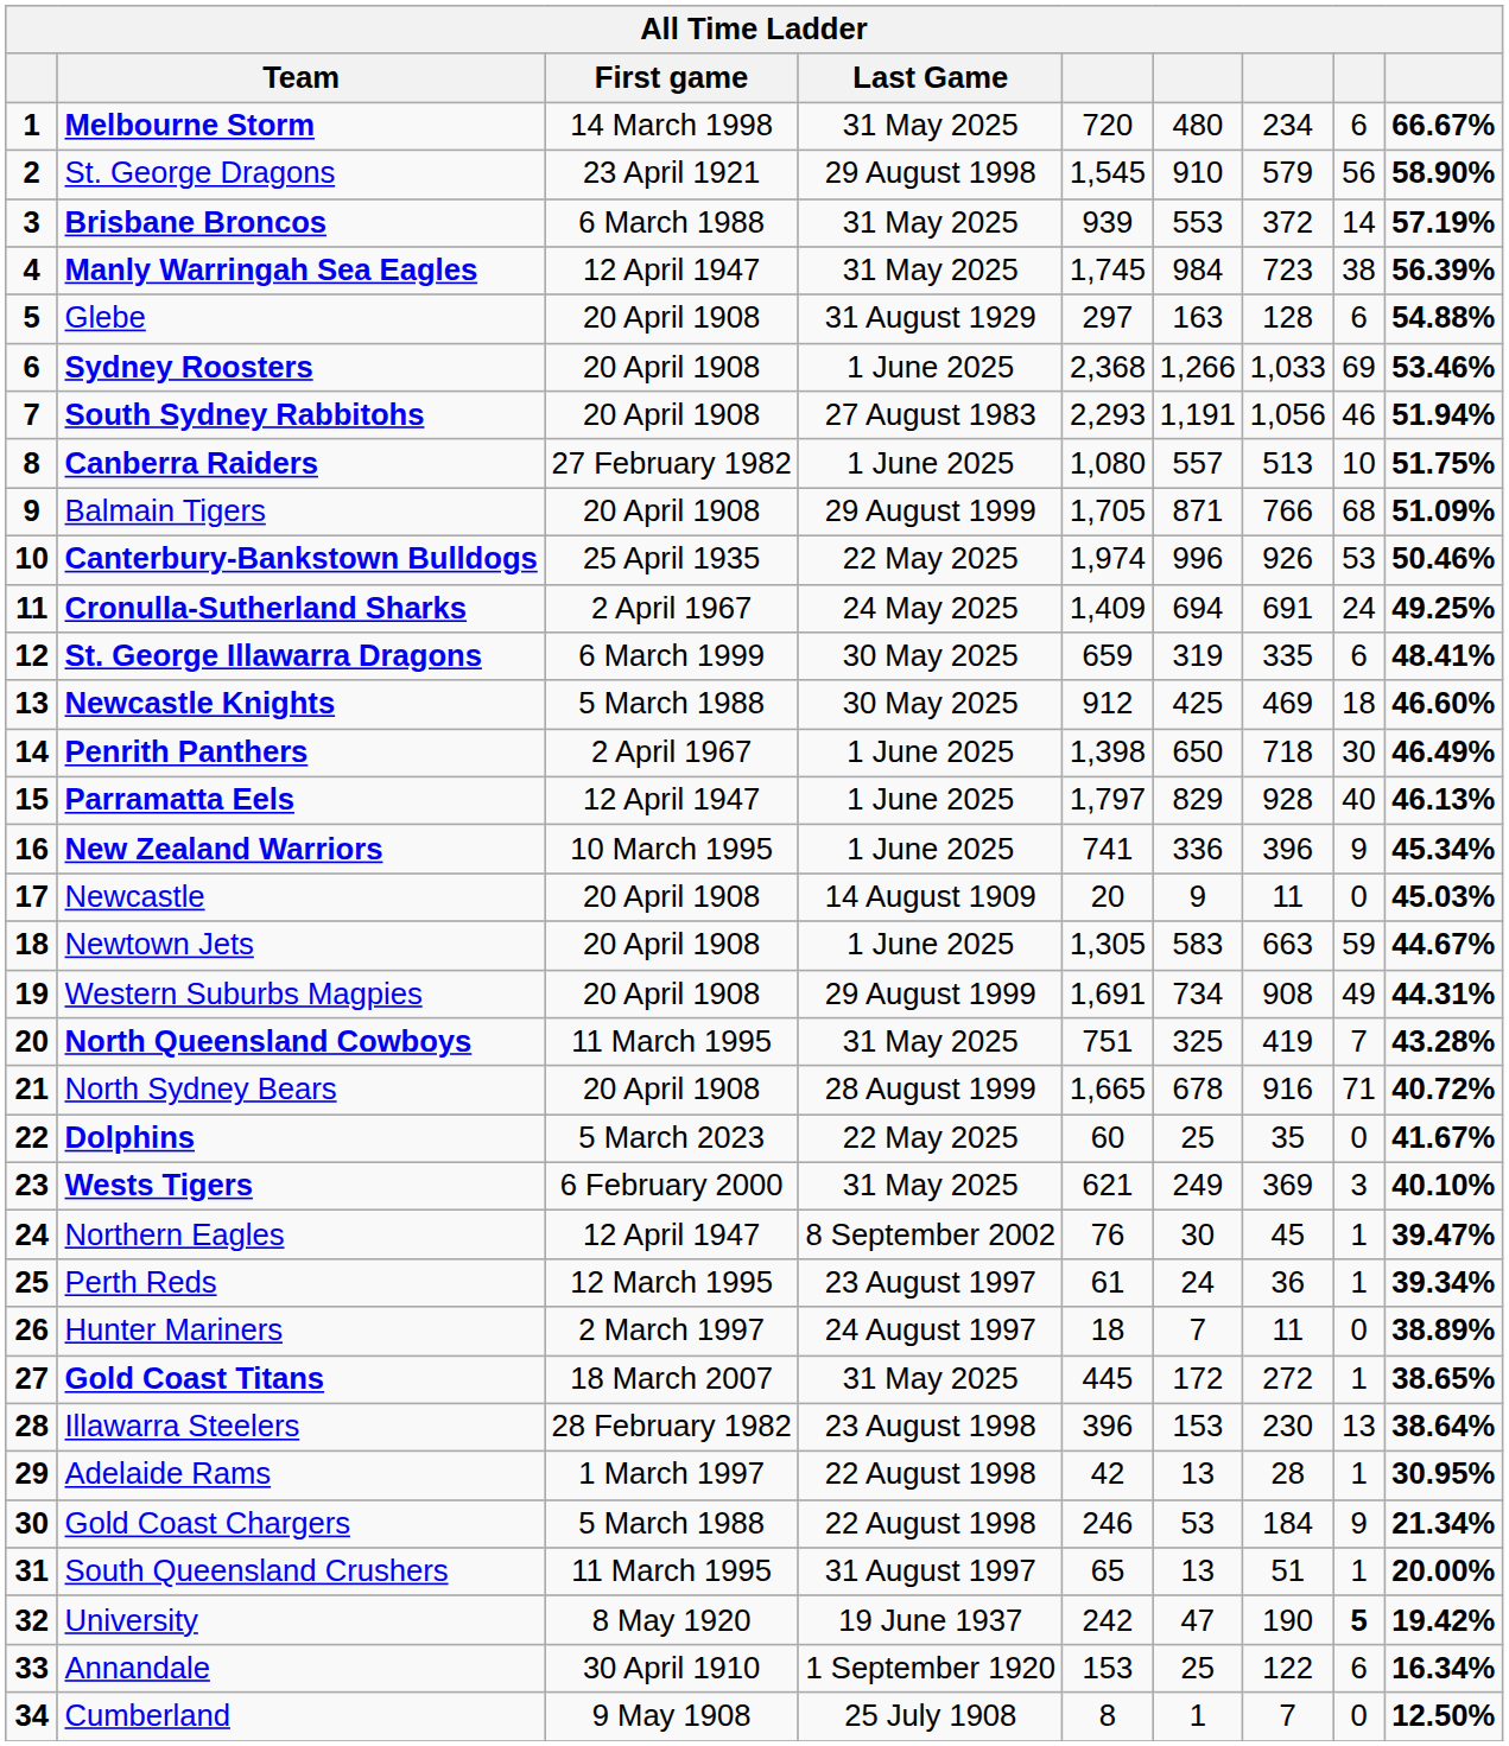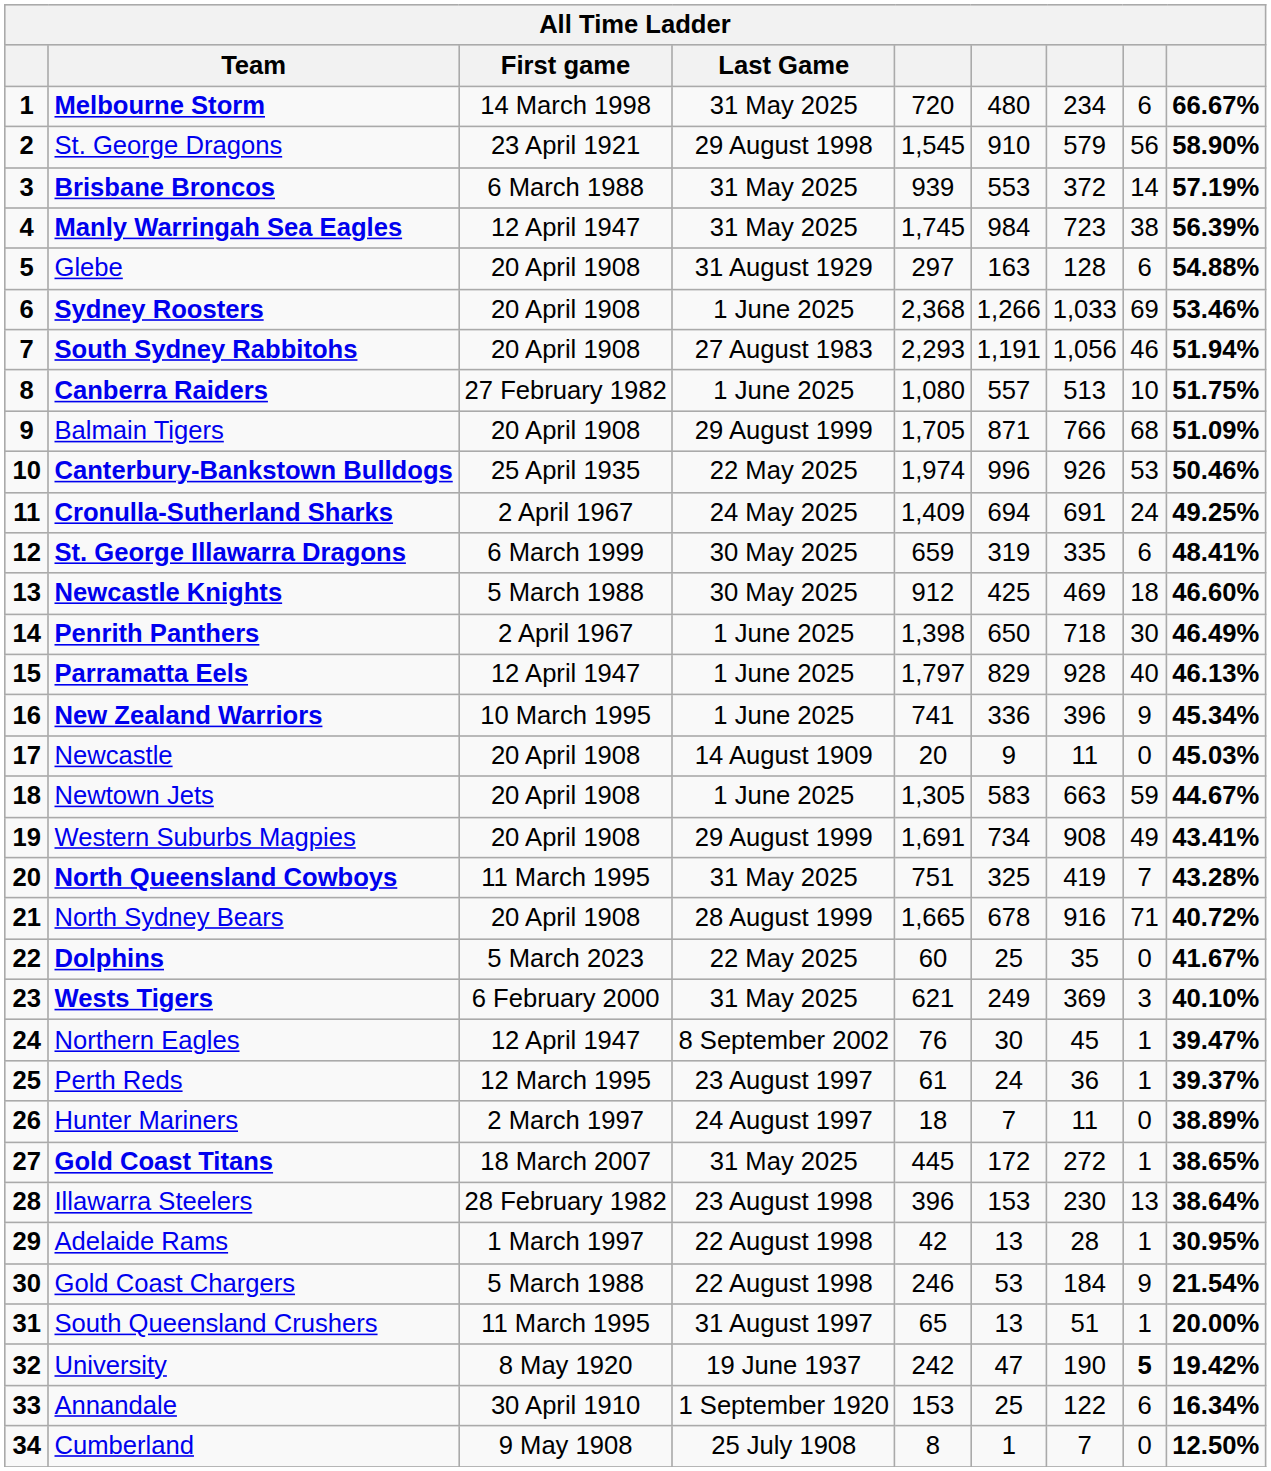 <table class="wikitable sortable" style="text-align:center;">
 <tr>
 <th colspan="9">All Time Ladder</th>
 </tr>
 <tr>
 <th width="20"></th>
 <th>Team</th>
 <th>First game</th>
 <th>Last Game</th>
 <th width="20"></th>
 <th width="20"></th>
 <th width="20"></th>
 <th width="20"></th>
 <th width="20"></th>
 </tr>
 <tr style="background:">
 <td><strong>1</strong></td>
 <td style="text-align:left;"> <strong><a href='#'>Melbourne Storm</a></strong></td>
 <td>14 March 1998</td>
 <td>31 May 2025</td>
 <td>720</td>
 <td>480</td>
 <td>234</td>
 <td>6</td>
 <td><strong>66.67%</strong></td>
 </tr>
 <tr style="background:">
 <td><strong>2</strong></td>
 <td style="text-align:left;"> <a href='#'>St. George Dragons</a></td>
 <td>23 April 1921</td>
 <td>29 August 1998</td>
 <td>1,545</td>
 <td>910</td>
 <td>579</td>
 <td>56</td>
 <td><strong>58.90%</strong></td>
 </tr>
 <tr style="background:">
 <td><strong>3</strong></td>
 <td style="text-align:left;"> <strong><a href='#'>Brisbane Broncos</a></strong></td>
 <td>6 March 1988</td>
 <td>31 May 2025</td>
 <td>939</td>
 <td>553</td>
 <td>372</td>
 <td>14</td>
 <td><strong>57.19%</strong></td>
 </tr>
 <tr style="background:">
 <td><strong>4</strong></td>
 <td style="text-align:left;"> <strong><a href='#'>Manly Warringah Sea Eagles</a></strong></td>
 <td>12 April 1947</td>
 <td>31 May 2025</td>
 <td>1,745</td>
 <td>984</td>
 <td>723</td>
 <td>38</td>
 <td><strong>56.39%</strong></td>
 </tr>
 <tr style="background:">
 <td><strong>5</strong></td>
 <td style="text-align:left;"> <a href='#'>Glebe</a></td>
 <td>20 April 1908</td>
 <td>31 August 1929</td>
 <td>297</td>
 <td>163</td>
 <td>128</td>
 <td>6</td>
 <td><strong>54.88%</strong></td>
 </tr>
 <tr style="background:">
 <td><strong>6</strong></td>
 <td style="text-align:left;"> <strong><a href='#'>Sydney Roosters</a></strong></td>
 <td>20 April 1908</td>
 <td>1 June 2025</td>
 <td>2,368</td>
 <td>1,266</td>
 <td>1,033</td>
 <td>69</td>
 <td><strong>53.46%</strong></td>
 </tr>
 <tr style="background:">
 <td><strong>7</strong></td>
 <td style="text-align:left;"> <strong><a href='#'>South Sydney Rabbitohs</a></strong></td>
 <td>20 April 1908</td>
 <td>27 August 1983</td>
 <td>2,293</td>
 <td>1,191</td>
 <td>1,056</td>
 <td>46</td>
 <td><strong>51.94%</strong></td>
 </tr>
 <tr style="background:">
 <td><strong>8</strong></td>
 <td style="text-align:left;"> <strong><a href='#'>Canberra Raiders</a></strong></td>
 <td>27 February 1982</td>
 <td>1 June 2025</td>
 <td>1,080</td>
 <td>557</td>
 <td>513</td>
 <td>10</td>
 <td><strong>51.75%</strong></td>
 </tr>
 <tr style="background:">
 <td><strong>9</strong></td>
 <td style="text-align:left;"> <a href='#'>Balmain Tigers</a></td>
 <td>20 April 1908</td>
 <td>29 August 1999</td>
 <td>1,705</td>
 <td>871</td>
 <td>766</td>
 <td>68</td>
 <td><strong>51.09%</strong></td>
 </tr>
 <tr style="background:">
 <td><strong>10</strong></td>
 <td style="text-align:left;"> <strong><a href='#'>Canterbury-Bankstown Bulldogs</a></strong></td>
 <td>25 April 1935</td>
 <td>22 May 2025</td>
 <td>1,974</td>
 <td>996</td>
 <td>926</td>
 <td>53</td>
 <td><strong>50.46%</strong></td>
 </tr>
 <tr style="background:">
 <td><strong>11</strong></td>
 <td style="text-align:left;"> <strong><a href='#'>Cronulla-Sutherland Sharks</a></strong></td>
 <td>2 April 1967</td>
 <td>24 May 2025</td>
 <td>1,409</td>
 <td>694</td>
 <td>691</td>
 <td>24</td>
 <td><strong>49.25%</strong></td>
 </tr>
 <tr style="background:">
 <td><strong>12</strong></td>
 <td style="text-align:left;"> <strong><a href='#'>St. George Illawarra Dragons</a></strong></td>
 <td>6 March 1999</td>
 <td>30 May 2025</td>
 <td>659</td>
 <td>319</td>
 <td>335</td>
 <td>6</td>
 <td><strong>48.41%</strong></td>
 </tr>
 <tr style="background:">
 <td><strong>13</strong></td>
 <td style="text-align:left;"> <strong><a href='#'>Newcastle Knights</a></strong></td>
 <td>5 March 1988</td>
 <td>30 May 2025</td>
 <td>912</td>
 <td>425</td>
 <td>469</td>
 <td>18</td>
 <td><strong>46.60%</strong></td>
 </tr>
 <tr style="background:">
 <td><strong>14</strong></td>
 <td style="text-align:left;"> <strong><a href='#'>Penrith Panthers</a></strong></td>
 <td>2 April 1967</td>
 <td>1 June 2025</td>
 <td>1,398</td>
 <td>650</td>
 <td>718</td>
 <td>30</td>
 <td><strong>46.49%</strong></td>
 </tr>
 <tr style="background:">
 <td><strong>15</strong></td>
 <td style="text-align:left;"> <strong><a href='#'>Parramatta Eels</a></strong></td>
 <td>12 April 1947</td>
 <td>1 June 2025</td>
 <td>1,797</td>
 <td>829</td>
 <td>928</td>
 <td>40</td>
 <td><strong>46.13%</strong></td>
 </tr>
 <tr style="background:">
 <td><strong>16</strong></td>
 <td style="text-align:left;"> <strong><a href='#'>New Zealand Warriors</a></strong></td>
 <td>10 March 1995</td>
 <td>1 June 2025</td>
 <td>741</td>
 <td>336</td>
 <td>396</td>
 <td>9</td>
 <td><strong>45.34%</strong></td>
 </tr>
 <tr style="background:">
 <td><strong>17</strong></td>
 <td style="text-align:left;"> <a href='#'>Newcastle</a></td>
 <td>20 April 1908</td>
 <td>14 August 1909</td>
 <td>20</td>
 <td>9</td>
 <td>11</td>
 <td>0</td>
 <td><strong>45.03%</strong></td>
 </tr>
 <tr style="background:">
 <td><strong>18</strong></td>
 <td style="text-align:left;"> <a href='#'>Newtown Jets</a></td>
 <td>20 April 1908</td>
 <td>1 June 2025</td>
 <td>1,305</td>
 <td>583</td>
 <td>663</td>
 <td>59</td>
 <td><strong>44.67%</strong></td>
 </tr>
 <tr style="background:">
 <td><strong>19</strong></td>
 <td style="text-align:left;"> <a href='#'>Western Suburbs Magpies</a></td>
 <td>20 April 1908</td>
 <td>29 August 1999</td>
 <td>1,691</td>
 <td>734</td>
 <td>908</td>
 <td>49</td>
-<td><strong>44.31%</strong></td>
+<td><strong>43.41%</strong></td>
 </tr>
 <tr style="background:">
 <td><strong>20</strong></td>
 <td style="text-align:left;"> <strong><a href='#'>North Queensland Cowboys</a></strong></td>
 <td>11 March 1995</td>
 <td>31 May 2025</td>
 <td>751</td>
 <td>325</td>
 <td>419</td>
 <td>7</td>
 <td><strong>43.28%</strong></td>
 </tr>
 <tr style="background:">
 <td><strong>21</strong></td>
 <td style="text-align:left;"> <a href='#'>North Sydney Bears</a></td>
 <td>20 April 1908</td>
 <td>28 August 1999</td>
 <td>1,665</td>
 <td>678</td>
 <td>916</td>
 <td>71</td>
 <td><strong>40.72%</strong></td>
 </tr>
 <tr style="background:">
 <td><strong>22</strong></td>
 <td style="text-align:left;"> <strong><a href='#'>Dolphins</a></strong></td>
 <td>5 March 2023</td>
 <td>22 May 2025</td>
 <td>60</td>
 <td>25</td>
 <td>35</td>
 <td>0</td>
 <td><strong>41.67%</strong></td>
 </tr>
 <tr style="background:">
 <td><strong>23</strong></td>
 <td style="text-align:left;"> <strong><a href='#'>Wests Tigers</a></strong></td>
 <td>6 February 2000</td>
 <td>31 May 2025</td>
 <td>621</td>
 <td>249</td>
 <td>369</td>
 <td>3</td>
 <td><strong>40.10%</strong></td>
 </tr>
 <tr style="background:">
 <td><strong>24</strong></td>
 <td style="text-align:left;"> <a href='#'>Northern Eagles</a></td>
 <td>12 April 1947</td>
 <td>8 September 2002</td>
 <td>76</td>
 <td>30</td>
 <td>45</td>
 <td>1</td>
 <td><strong>39.47%</strong></td>
 </tr>
 <tr style="background:">
 <td><strong>25</strong></td>
 <td style="text-align:left;"> <a href='#'>Perth Reds</a></td>
 <td>12 March 1995</td>
 <td>23 August 1997</td>
 <td>61</td>
 <td>24</td>
 <td>36</td>
 <td>1</td>
-<td><strong>39.34%</strong></td>
+<td><strong>39.37%</strong></td>
 </tr>
 <tr style="background:">
 <td><strong>26</strong></td>
 <td style="text-align:left;"> <a href='#'>Hunter Mariners</a></td>
 <td>2 March 1997</td>
 <td>24 August 1997</td>
 <td>18</td>
 <td>7</td>
 <td>11</td>
 <td>0</td>
 <td><strong>38.89%</strong></td>
 </tr>
 <tr style="background:">
 <td><strong>27</strong></td>
 <td style="text-align:left;"> <strong><a href='#'>Gold Coast Titans</a></strong></td>
 <td>18 March 2007</td>
 <td>31 May 2025</td>
 <td>445</td>
 <td>172</td>
 <td>272</td>
 <td>1</td>
 <td><strong>38.65%</strong></td>
 </tr>
 <tr style="background:">
 <td><strong>28</strong></td>
 <td style="text-align:left;"> <a href='#'>Illawarra Steelers</a></td>
 <td>28 February 1982</td>
 <td>23 August 1998</td>
 <td>396</td>
 <td>153</td>
 <td>230</td>
 <td>13</td>
 <td><strong>38.64%</strong></td>
 </tr>
 <tr style="background:">
 <td><strong>29</strong></td>
 <td style="text-align:left;"> <a href='#'>Adelaide Rams</a></td>
 <td>1 March 1997</td>
 <td>22 August 1998</td>
 <td>42</td>
 <td>13</td>
 <td>28</td>
 <td>1</td>
 <td><strong>30.95%</strong></td>
 </tr>
 <tr style="background:">
 <td><strong>30</strong></td>
 <td style="text-align:left;"> <a href='#'>Gold Coast Chargers</a></td>
 <td>5 March 1988</td>
 <td>22 August 1998</td>
 <td>246</td>
 <td>53</td>
 <td>184</td>
 <td>9</td>
-<td><strong>21.34%</strong></td>
+<td><strong>21.54%</strong></td>
 </tr>
 <tr style="background:">
 <td><strong>31</strong></td>
 <td style="text-align:left;"> <a href='#'>South Queensland Crushers</a></td>
 <td>11 March 1995</td>
 <td>31 August 1997</td>
 <td>65</td>
 <td>13</td>
 <td>51</td>
 <td>1</td>
 <td><strong>20.00%</strong></td>
 </tr>
 <tr style="background:">
 <td><strong>32</strong></td>
 <td style="text-align:left;"> <a href='#'>University</a></td>
 <td>8 May 1920</td>
 <td>19 June 1937</td>
 <td>242</td>
 <td>47</td>
 <td>190</td>
 <td><strong>5</strong></td>
 <td><strong>19.42%</strong></td>
 </tr>
 <tr style="background:">
 <td><strong>33</strong></td>
 <td style="text-align:left;"> <a href='#'>Annandale</a></td>
 <td>30 April 1910</td>
 <td>1 September 1920</td>
 <td>153</td>
 <td>25</td>
 <td>122</td>
 <td>6</td>
 <td><strong>16.34%</strong></td>
 </tr>
 <tr style="background:">
 <td><strong>34</strong></td>
 <td style="text-align:left;"> <a href='#'>Cumberland</a></td>
 <td>9 May 1908</td>
 <td>25 July 1908</td>
 <td>8</td>
 <td>1</td>
 <td>7</td>
 <td>0</td>
 <td><strong>12.50%</strong></td>
 </tr>
 <tr style="background:">
 </tr>
 </table>
